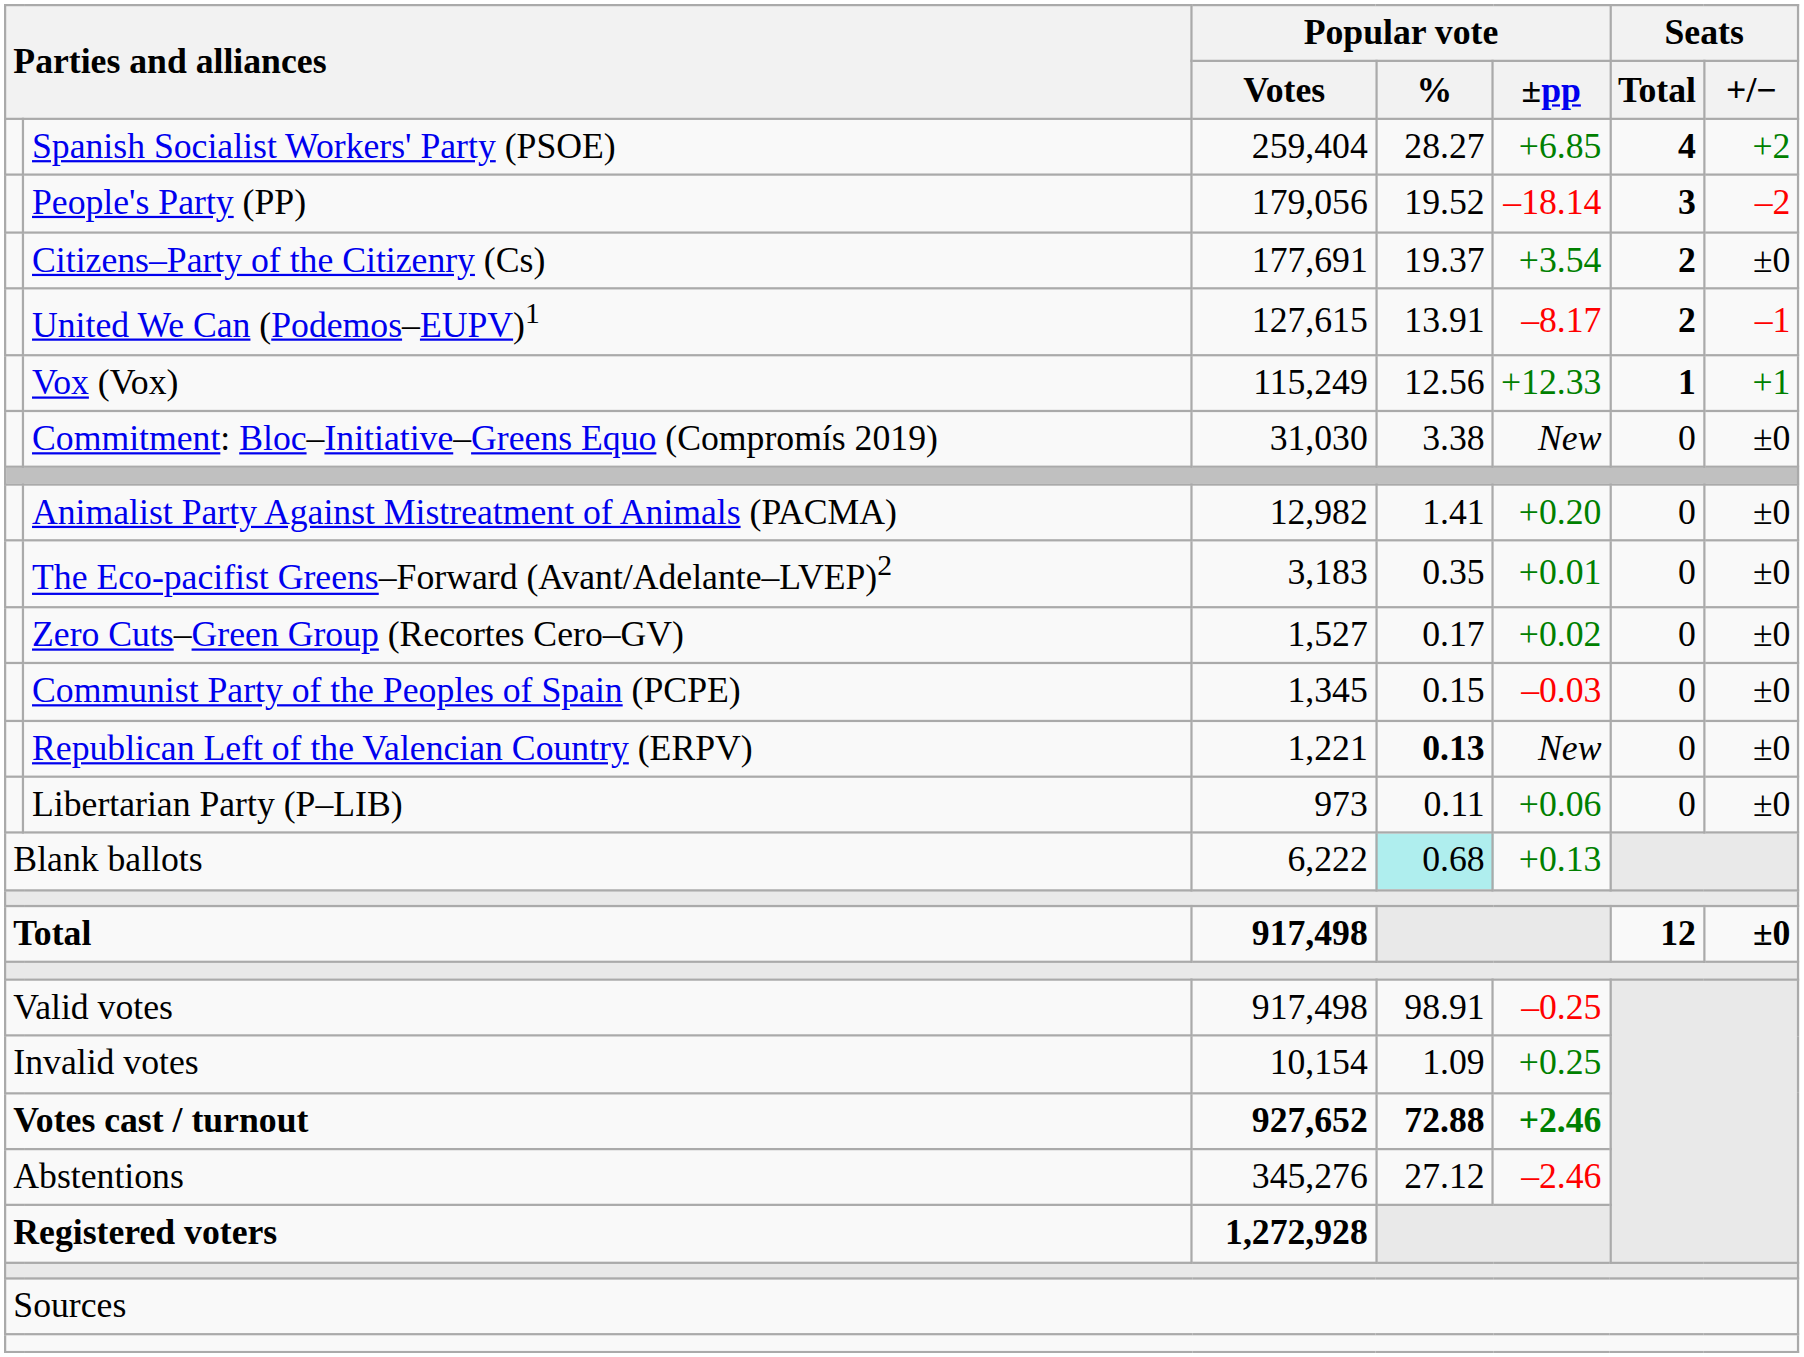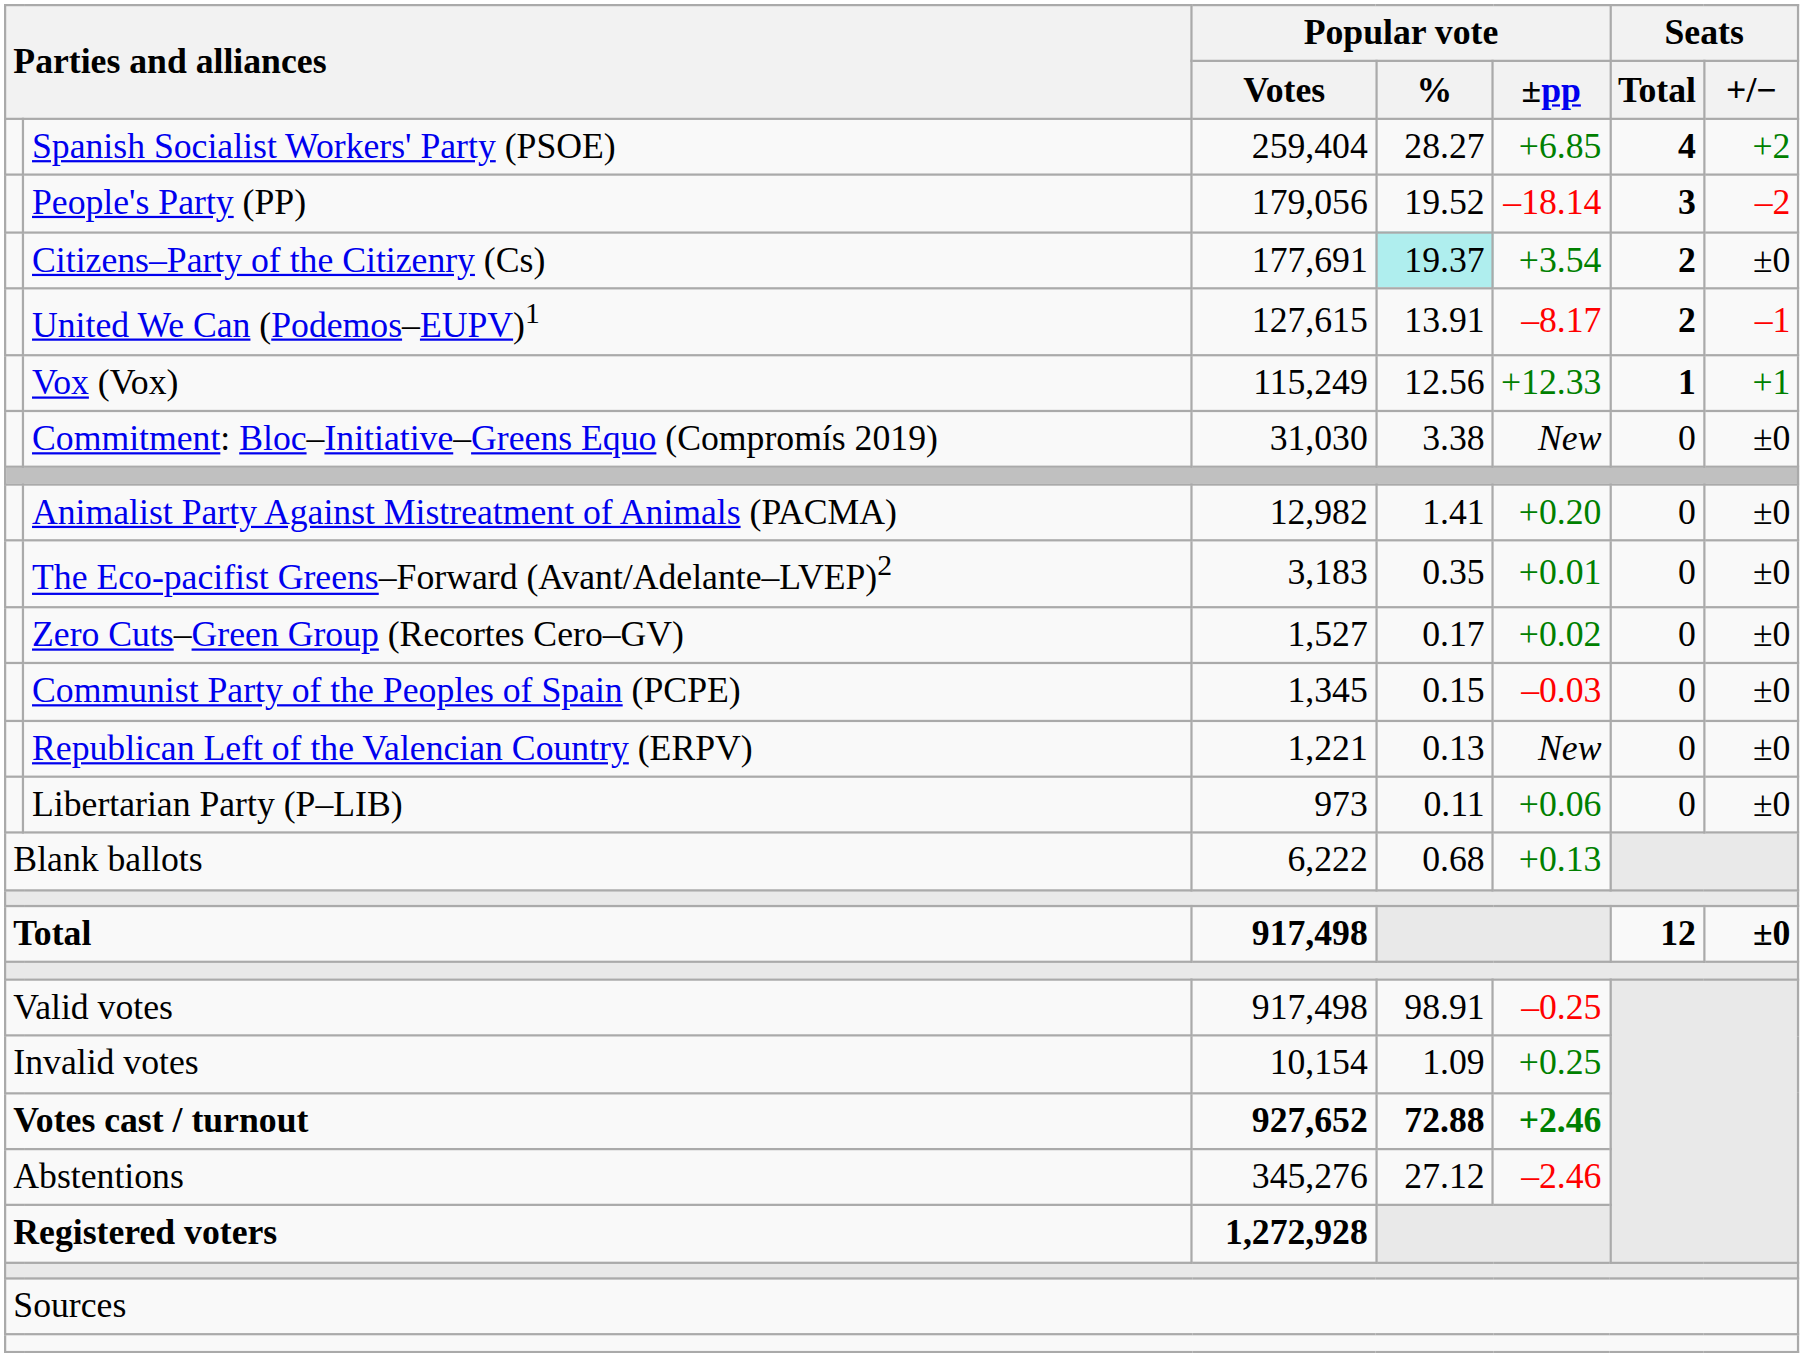 <table class="wikitable" style="text-align:right;">
 <tr>
 <th style="text-align:left;" rowspan="2" colspan="2" width="525">Parties and alliances</th>
 <th colspan="3">Popular vote</th>
 <th colspan="2">Seats</th>
 </tr>
 <tr>
 <th width="75">Votes</th>
 <th width="45">%</th>
 <th width="45">±<a href='#'>pp</a></th>
 <th width="35">Total</th>
 <th width="35">+/−</th>
 </tr>
 <tr>
 <td width="1" style="color:inherit;background:"></td>
 <td align="left"><a href='#'>Spanish Socialist Workers' Party</a> (PSOE)</td>
 <td>259,404</td>
 <td>28.27</td>
 <td style="color:green;">+6.85</td>
 <td><strong>4</strong></td>
 <td style="color:green;">+2</td>
 </tr>
 <tr>
 <td style="color:inherit;background:"></td>
 <td align="left"><a href='#'>People's Party</a> (PP)</td>
 <td>179,056</td>
 <td>19.52</td>
 <td style="color:red;">–18.14</td>
 <td><strong>3</strong></td>
 <td style="color:red;">–2</td>
 </tr>
 <tr>
 <td style="color:inherit;background:"></td>
 <td align="left"><a href='#'>Citizens–Party of the Citizenry</a> (Cs)</td>
 <td>177,691</td>
-<td>19.37</td>
+<td style="background: paleturquoise;">19.37</td>
 <td style="color:green;">+3.54</td>
 <td><strong>2</strong></td>
 <td>±0</td>
 </tr>
 <tr>
 <td style="color:inherit;background:"></td>
 <td align="left"><a href='#'>United We Can</a> (<a href='#'>Podemos</a>–<a href='#'>EUPV</a>)<sup>1</sup></td>
 <td>127,615</td>
 <td>13.91</td>
 <td style="color:red;">–8.17</td>
 <td><strong>2</strong></td>
 <td style="color:red;">–1</td>
 </tr>
 <tr>
 <td style="color:inherit;background:"></td>
 <td align="left"><a href='#'>Vox</a> (Vox)</td>
 <td>115,249</td>
 <td>12.56</td>
 <td style="color:green;">+12.33</td>
 <td><strong>1</strong></td>
 <td style="color:green;">+1</td>
 </tr>
 <tr>
 <td style="color:inherit;background:"></td>
 <td align="left"><a href='#'>Commitment</a>: <a href='#'>Bloc</a>–<a href='#'>Initiative</a>–<a href='#'>Greens Equo</a> (Compromís 2019)</td>
 <td>31,030</td>
 <td>3.38</td>
 <td><em>New</em></td>
 <td>0</td>
 <td>±0</td>
 </tr>
 <tr>
 <td colspan="7" bgcolor="#C0C0C0"></td>
 </tr>
 <tr>
 <td style="color:inherit;background:"></td>
 <td align="left"><a href='#'>Animalist Party Against Mistreatment of Animals</a> (PACMA)</td>
 <td>12,982</td>
 <td>1.41</td>
 <td style="color:green;">+0.20</td>
 <td>0</td>
 <td>±0</td>
 </tr>
 <tr>
 <td style="color:inherit;background:"></td>
 <td align="left"><a href='#'>The Eco-pacifist Greens</a>–Forward (Avant/Adelante–LVEP)<sup>2</sup></td>
 <td>3,183</td>
 <td>0.35</td>
 <td style="color:green;">+0.01</td>
 <td>0</td>
 <td>±0</td>
 </tr>
 <tr>
 <td style="color:inherit;background:"></td>
 <td align="left"><a href='#'>Zero Cuts</a>–<a href='#'>Green Group</a> (Recortes Cero–GV)</td>
 <td>1,527</td>
 <td>0.17</td>
 <td style="color:green;">+0.02</td>
 <td>0</td>
 <td>±0</td>
 </tr>
 <tr>
 <td style="color:inherit;background:"></td>
 <td align="left"><a href='#'>Communist Party of the Peoples of Spain</a> (PCPE)</td>
 <td>1,345</td>
 <td>0.15</td>
 <td style="color:red;">–0.03</td>
 <td>0</td>
 <td>±0</td>
 </tr>
 <tr>
 <td style="color:inherit;background:"></td>
 <td align="left"><a href='#'>Republican Left of the Valencian Country</a> (ERPV)</td>
 <td>1,221</td>
-<td><strong>0.13</strong></td>
+<td>0.13</td>
 <td><em>New</em></td>
 <td>0</td>
 <td>±0</td>
 </tr>
 <tr>
 <td style="color:inherit;background:"></td>
 <td align="left">Libertarian Party (P–LIB)</td>
 <td>973</td>
 <td>0.11</td>
 <td style="color:green;">+0.06</td>
 <td>0</td>
 <td>±0</td>
 </tr>
 <tr>
 <td align="left" colspan="2">Blank ballots</td>
 <td>6,222</td>
-<td style="background: paleturquoise;">0.68</td>
+<td>0.68</td>
 <td style="color:green;">+0.13</td>
 <td bgcolor="#E9E9E9" colspan="2"></td>
 </tr>
 <tr>
 <td colspan="7" bgcolor="#E9E9E9"></td>
 </tr>
 <tr style="font-weight:bold;">
 <td align="left" colspan="2">Total</td>
 <td>917,498</td>
 <td bgcolor="#E9E9E9" colspan="2"></td>
 <td>12</td>
 <td>±0</td>
 </tr>
 <tr>
 <td colspan="7" bgcolor="#E9E9E9"></td>
 </tr>
 <tr>
 <td align="left" colspan="2">Valid votes</td>
 <td>917,498</td>
 <td>98.91</td>
 <td style="color:red;">–0.25</td>
 <td bgcolor="#E9E9E9" colspan="2" rowspan="5"></td>
 </tr>
 <tr>
 <td align="left" colspan="2">Invalid votes</td>
 <td>10,154</td>
 <td>1.09</td>
 <td style="color:green;">+0.25</td>
 </tr>
 <tr style="font-weight:bold;">
 <td align="left" colspan="2">Votes cast / turnout</td>
 <td>927,652</td>
 <td>72.88</td>
 <td style="color:green;">+2.46</td>
 </tr>
 <tr>
 <td align="left" colspan="2">Abstentions</td>
 <td>345,276</td>
 <td>27.12</td>
 <td style="color:red;">–2.46</td>
 </tr>
 <tr style="font-weight:bold;">
 <td align="left" colspan="2">Registered voters</td>
 <td>1,272,928</td>
 <td bgcolor="#E9E9E9" colspan="2"></td>
 </tr>
 <tr>
 <td colspan="7" bgcolor="#E9E9E9"></td>
 </tr>
 <tr>
 <td align="left" colspan="7">Sources</td>
 </tr>
 <tr>
 <td colspan="7" style="text-align:left; max-width:790px;"></td>
 </tr>
 </table>
